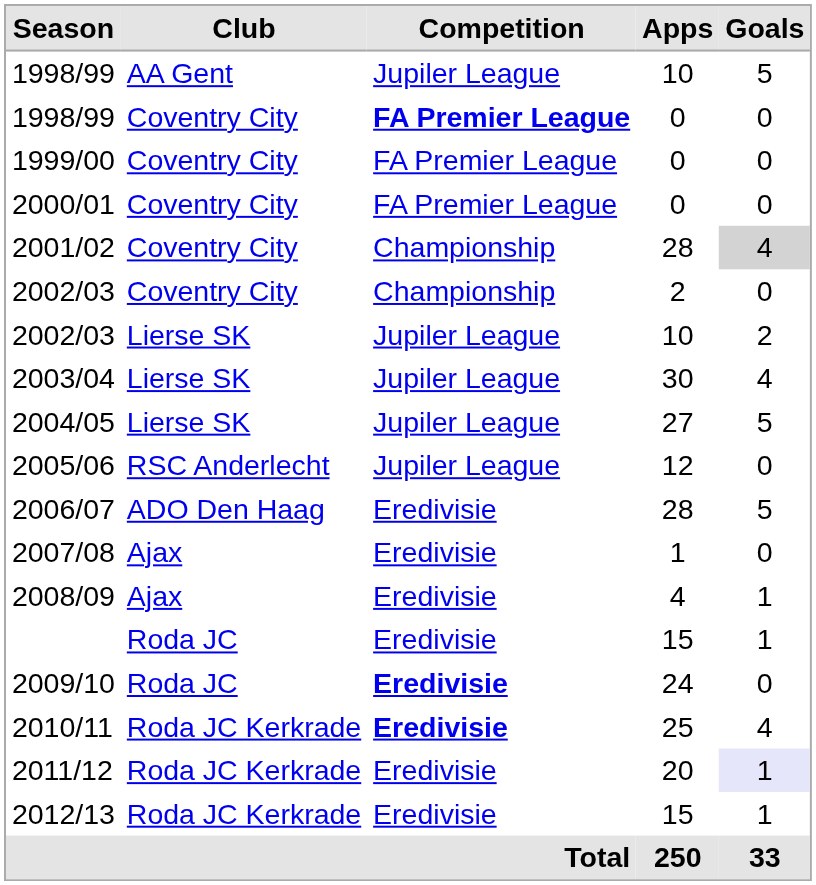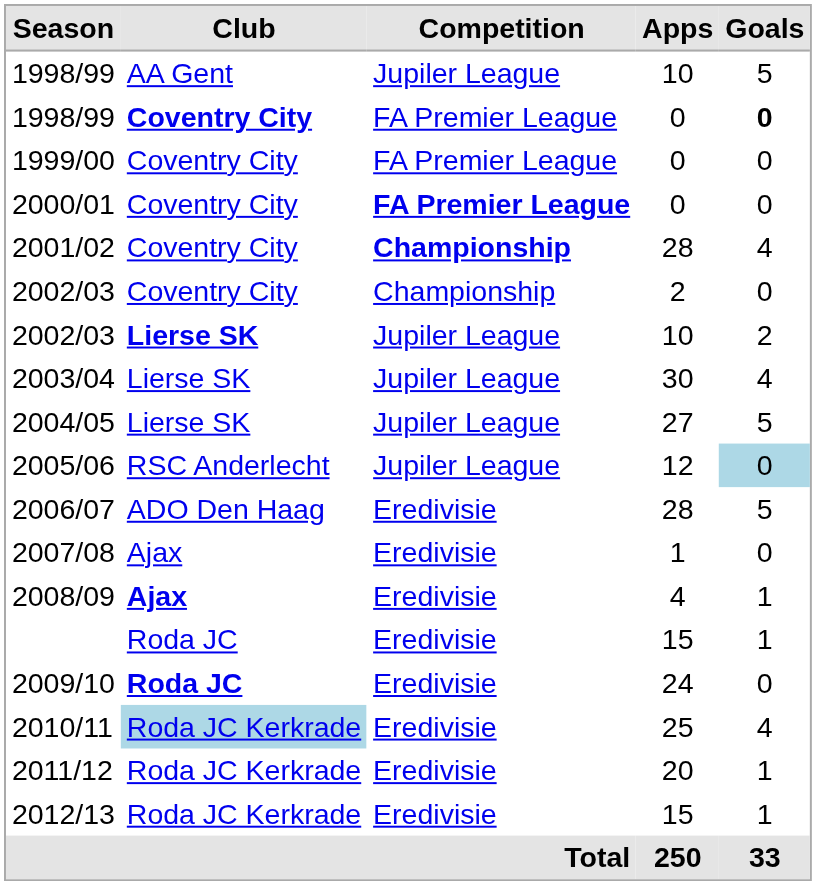 <table cellspacing="0" cellpadding="3" style="border:1px solid #AAAAAA;font-size:90%">
 <tr bgcolor="#E4E4E4">
 <th style="border-bottom:1px solid #AAAAAA">Season</th>
 <th style="border-bottom:1px solid #AAAAAA">Club</th>
 <th style="border-bottom:1px solid #AAAAAA">Competition</th>
 <th style="border-bottom:1px solid #AAAAAA" align="center">Apps</th>
 <th style="border-bottom:1px solid #AAAAAA" align="center">Goals</th>
 </tr>
 <tr>
 <td>1998/99</td>
 <td><a href='#'>AA Gent</a></td>
 <td><a href='#'>Jupiler League</a></td>
 <td align="center">10</td>
 <td align="center">5</td>
 </tr>
 <tr>
 <td>1998/99</td>
-<td><a href='#'>Coventry City</a></td>
-<td><strong><a href='#'>FA Premier League</a></strong></td>
+<td><strong><a href='#'>Coventry City</a></strong></td>
+<td><a href='#'>FA Premier League</a></td>
 <td align="center">0</td>
-<td align="center">0</td>
+<td align="center"><strong>0</strong></td>
 </tr>
 <tr>
 <td>1999/00</td>
 <td><a href='#'>Coventry City</a></td>
 <td><a href='#'>FA Premier League</a></td>
 <td align="center">0</td>
 <td align="center">0</td>
 </tr>
 <tr>
 <td>2000/01</td>
 <td><a href='#'>Coventry City</a></td>
-<td><a href='#'>FA Premier League</a></td>
+<td><strong><a href='#'>FA Premier League</a></strong></td>
 <td align="center">0</td>
 <td align="center">0</td>
 </tr>
 <tr>
 <td>2001/02</td>
 <td><a href='#'>Coventry City</a></td>
-<td><a href='#'>Championship</a></td>
+<td><strong><a href='#'>Championship</a></strong></td>
 <td align="center">28</td>
-<td align="center" style="background: lightgrey;">4</td>
+<td align="center">4</td>
 </tr>
 <tr>
 <td>2002/03</td>
 <td><a href='#'>Coventry City</a></td>
 <td><a href='#'>Championship</a></td>
 <td align="center">2</td>
 <td align="center">0</td>
 </tr>
 <tr>
 <td>2002/03</td>
-<td><a href='#'>Lierse SK</a></td>
+<td><strong><a href='#'>Lierse SK</a></strong></td>
 <td><a href='#'>Jupiler League</a></td>
 <td align="center">10</td>
 <td align="center">2</td>
 </tr>
 <tr>
 <td>2003/04</td>
 <td><a href='#'>Lierse SK</a></td>
 <td><a href='#'>Jupiler League</a></td>
 <td align="center">30</td>
 <td align="center">4</td>
 </tr>
 <tr>
 <td>2004/05</td>
 <td><a href='#'>Lierse SK</a></td>
 <td><a href='#'>Jupiler League</a></td>
 <td align="center">27</td>
 <td align="center">5</td>
 </tr>
 <tr>
 <td>2005/06</td>
 <td><a href='#'>RSC Anderlecht</a></td>
 <td><a href='#'>Jupiler League</a></td>
 <td align="center">12</td>
-<td align="center">0</td>
+<td align="center" style="background: lightblue;">0</td>
 </tr>
 <tr>
 <td>2006/07</td>
 <td><a href='#'>ADO Den Haag</a></td>
 <td><a href='#'>Eredivisie</a></td>
 <td align="center">28</td>
 <td align="center">5</td>
 </tr>
 <tr>
 <td>2007/08</td>
 <td><a href='#'>Ajax</a></td>
 <td><a href='#'>Eredivisie</a></td>
 <td align="center">1</td>
 <td align="center">0</td>
 </tr>
 <tr>
 <td>2008/09</td>
-<td><a href='#'>Ajax</a></td>
+<td><strong><a href='#'>Ajax</a></strong></td>
 <td><a href='#'>Eredivisie</a></td>
 <td align="center">4</td>
 <td align="center">1</td>
 </tr>
 <tr>
 <td></td>
 <td><a href='#'>Roda JC</a></td>
 <td><a href='#'>Eredivisie</a></td>
 <td align="center">15</td>
 <td align="center">1</td>
 </tr>
 <tr>
 <td>2009/10</td>
-<td><a href='#'>Roda JC</a></td>
-<td><strong><a href='#'>Eredivisie</a></strong></td>
+<td><strong><a href='#'>Roda JC</a></strong></td>
+<td><a href='#'>Eredivisie</a></td>
 <td align="center">24</td>
 <td align="center">0</td>
 </tr>
 <tr>
 <td>2010/11</td>
-<td><a href='#'>Roda JC Kerkrade</a></td>
-<td><strong><a href='#'>Eredivisie</a></strong></td>
+<td style="background: lightblue;"><a href='#'>Roda JC Kerkrade</a></td>
+<td><a href='#'>Eredivisie</a></td>
 <td align="center">25</td>
 <td align="center">4</td>
 </tr>
 <tr>
 <td>2011/12</td>
 <td><a href='#'>Roda JC Kerkrade</a></td>
 <td><a href='#'>Eredivisie</a></td>
 <td align="center">20</td>
-<td align="center" style="background: lavender;">1</td>
+<td align="center">1</td>
 </tr>
 <tr>
 <td>2012/13</td>
 <td><a href='#'>Roda JC Kerkrade</a></td>
 <td><a href='#'>Eredivisie</a></td>
 <td align="center">15</td>
 <td align="center">1</td>
 </tr>
 <tr>
 </tr>
 <tr style="background:#E4E4E4;">
 <th ! colspan="3"  align="right">Total</th>
 <th>250</th>
 <th>33</th>
 </tr>
 <tr>
 </tr>
 </table>
